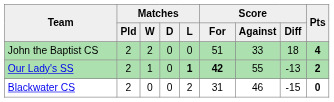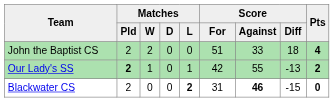 <table style=border-collapse:collapse border=1 cellspacing=0 cellpadding=5>
 <tr align=center bgcolor=#efefef>
 <th rowspan=2 width=165>Team</th>
 <th colspan=4>Matches</th>
 <th colspan=3>Score</th>
 <th rowspan=2width=20>Pts</th>
 </tr>
 <tr align=center bgcolor=#efefef>
 <th width=20>Pld</th>
 <th width=20>W</th>
 <th width=20>D</th>
 <th width=20>L</th>
 <th width=45>For</th>
 <th width=45>Against</th>
 <th width=30>Diff</th>
 </tr>
 <tr align=center style="background:#ACE1AF;">
 <td style="text-align:left;">John the Baptist CS</td>
 <td>2</td>
 <td>2</td>
 <td>0</td>
 <td>0</td>
 <td>51</td>
 <td>33</td>
 <td>18</td>
 <td><strong>4</strong></td>
 </tr>
 <tr align=center style="background:#ACE1AF;">
 <td style="text-align:left;"><a href='#'>Our Lady's SS</a></td>
-<td>2</td>
+<td><strong>2</strong></td>
 <td>1</td>
 <td>0</td>
-<td><strong>1</strong></td>
-<td><strong>42</strong></td>
+<td>1</td>
+<td>42</td>
 <td>55</td>
 <td>-13</td>
 <td><strong>2</strong></td>
 </tr>
 <tr align=center>
 <td style="text-align:left;"><a href='#'>Blackwater CS</a></td>
 <td>2</td>
 <td>0</td>
 <td>0</td>
-<td>2</td>
+<td><strong>2</strong></td>
 <td>31</td>
-<td>46</td>
+<td><strong>46</strong></td>
 <td>-15</td>
 <td><strong>0</strong></td>
 </tr>
 </table>
